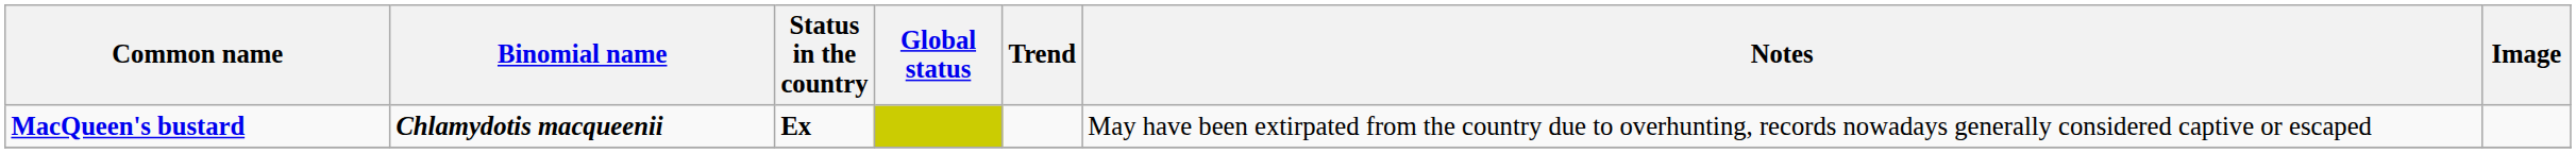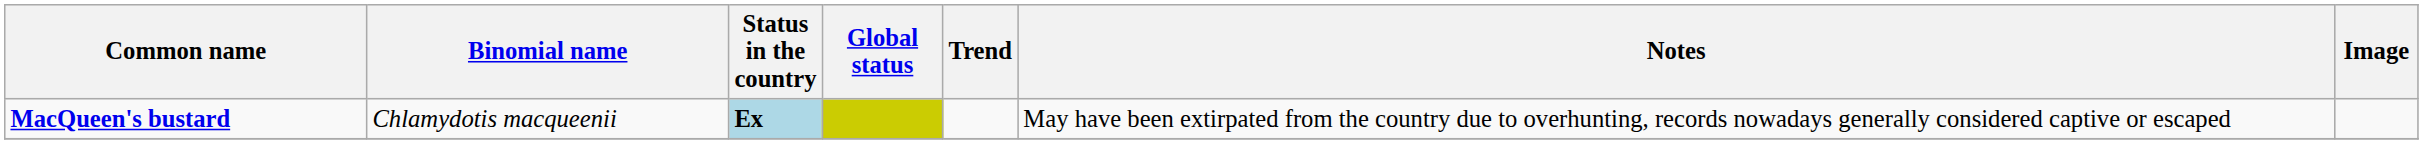 <table class="wikitable sortable">
 <tr>
 <th width="15%">Common name</th>
 <th width="15%"><a href='#'>Binomial name</a></th>
 <th data-sort-type="number" width="1%">Status in the country</th>
 <th width="5%"><a href='#'>Global status</a></th>
 <th width="1%">Trend</th>
 <th class="unsortable">Notes</th>
 <th class="unsortable">Image</th>
 </tr>
 <tr>
 <td><strong><a href='#'>MacQueen's bustard</a></strong></td>
-<td><strong><em>Chlamydotis macqueenii</em></strong></td>
-<td><strong>Ex</strong></td>
+<td><em>Chlamydotis macqueenii</em></td>
+<td style="background: lightblue;"><strong>Ex</strong></td>
 <td align=center style="background: #cbcc02"></td>
 <td align=center></td>
 <td>May have been extirpated from the country due to overhunting, records nowadays generally considered captive or escaped</td>
 <td></td>
 </tr>
 <tr>
 </tr>
 </table>
